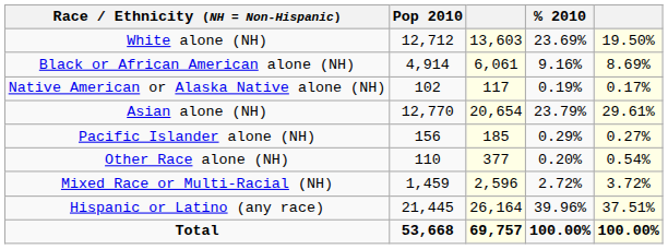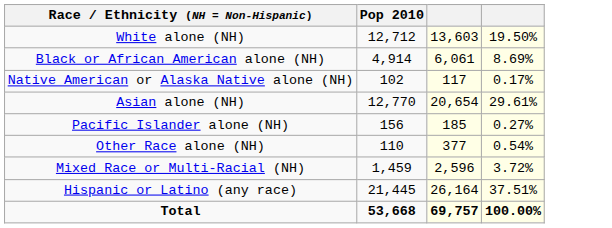 <table class="wikitable" style="text-align:center;">
 <tr>
 <th>Race / Ethnicity <small>(<em>NH = Non-Hispanic</em>)</small></th>
 <th>Pop 2010</th>
 <th></th>
-<th>% 2010</th>
 <th></th>
 </tr>
 <tr>
 <td><a href='#'>White</a> alone (NH)</td>
 <td>12,712</td>
 <td style='background: #ffffe6;'>13,603</td>
-<td>23.69%</td>
 <td style='background: #ffffe6;'>19.50%</td>
 </tr>
 <tr>
 <td><a href='#'>Black or African American</a> alone (NH)</td>
 <td>4,914</td>
 <td style='background: #ffffe6;'>6,061</td>
-<td>9.16%</td>
 <td style='background: #ffffe6;'>8.69%</td>
 </tr>
 <tr>
 <td><a href='#'>Native American</a> or <a href='#'>Alaska Native</a> alone (NH)</td>
 <td>102</td>
 <td style='background: #ffffe6;'>117</td>
-<td>0.19%</td>
 <td style='background: #ffffe6;'>0.17%</td>
 </tr>
 <tr>
 <td><a href='#'>Asian</a> alone (NH)</td>
 <td>12,770</td>
 <td style='background: #ffffe6;'>20,654</td>
-<td>23.79%</td>
 <td style='background: #ffffe6;'>29.61%</td>
 </tr>
 <tr>
 <td><a href='#'>Pacific Islander</a> alone (NH)</td>
 <td>156</td>
 <td style='background: #ffffe6;'>185</td>
-<td>0.29%</td>
 <td style='background: #ffffe6;'>0.27%</td>
 </tr>
 <tr>
 <td><a href='#'>Other Race</a> alone (NH)</td>
 <td>110</td>
 <td style='background: #ffffe6;'>377</td>
-<td>0.20%</td>
 <td style='background: #ffffe6;'>0.54%</td>
 </tr>
 <tr>
 <td><a href='#'>Mixed Race or Multi-Racial</a> (NH)</td>
 <td>1,459</td>
 <td style='background: #ffffe6;'>2,596</td>
-<td>2.72%</td>
 <td style='background: #ffffe6;'>3.72%</td>
 </tr>
 <tr>
 <td><a href='#'>Hispanic or Latino</a> (any race)</td>
 <td>21,445</td>
 <td style='background: #ffffe6;'>26,164</td>
-<td>39.96%</td>
 <td style='background: #ffffe6;'>37.51%</td>
 </tr>
 <tr>
 <td><strong>Total</strong></td>
 <td><strong>53,668</strong></td>
 <td style='background: #ffffe6;'><strong>69,757</strong></td>
-<td><strong>100.00%</strong></td>
 <td style='background: #ffffe6;'><strong>100.00%</strong></td>
 </tr>
 </table>
